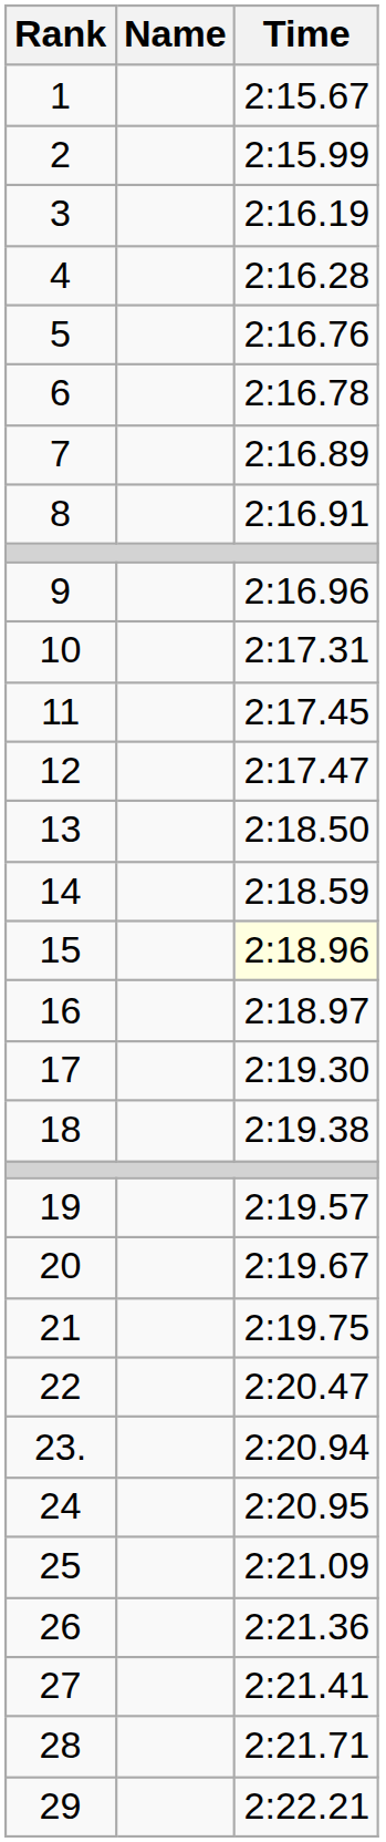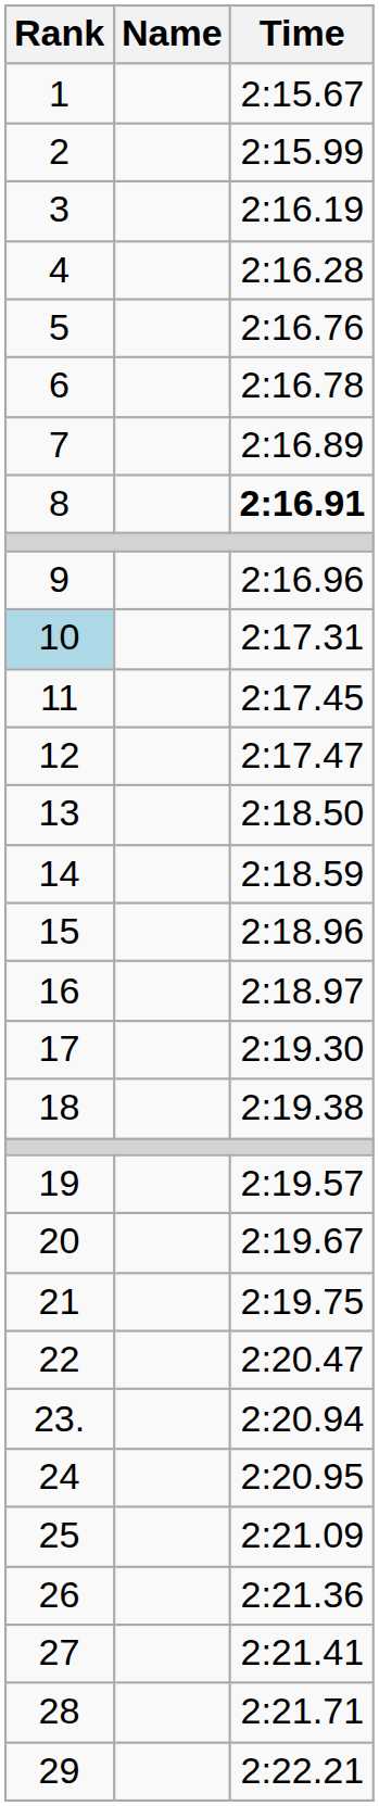 <table class="wikitable">
 <tr>
 <th>Rank</th>
 <th>Name</th>
 <th>Time</th>
 </tr>
 <tr>
 <td align="center">1</td>
 <td></td>
 <td align="center">2:15.67</td>
 </tr>
 <tr>
 <td align="center">2</td>
 <td></td>
 <td align="center">2:15.99</td>
 </tr>
 <tr>
 <td align="center">3</td>
 <td></td>
 <td align="center">2:16.19</td>
 </tr>
 <tr>
 <td align="center">4</td>
 <td></td>
 <td align="center">2:16.28</td>
 </tr>
 <tr>
 <td align="center">5</td>
 <td></td>
 <td align="center">2:16.76</td>
 </tr>
 <tr>
 <td align="center">6</td>
 <td></td>
 <td align="center">2:16.78</td>
 </tr>
 <tr>
 <td align="center">7</td>
 <td></td>
 <td align="center">2:16.89</td>
 </tr>
 <tr>
 <td align="center">8</td>
 <td></td>
-<td align="center">2:16.91</td>
+<td align="center"><strong>2:16.91</strong></td>
 </tr>
 <tr>
 <td colspan=3 bgcolor=lightgray></td>
 </tr>
 <tr>
 <td align="center">9</td>
 <td></td>
 <td align="center">2:16.96</td>
 </tr>
 <tr>
-<td align="center">10</td>
+<td align="center" style="background: lightblue;">10</td>
 <td></td>
 <td align="center">2:17.31</td>
 </tr>
 <tr>
 <td align="center">11</td>
 <td></td>
 <td align="center">2:17.45</td>
 </tr>
 <tr>
 <td align="center">12</td>
 <td></td>
 <td align="center">2:17.47</td>
 </tr>
 <tr>
 <td align="center">13</td>
 <td></td>
 <td align="center">2:18.50</td>
 </tr>
 <tr>
 <td align="center">14</td>
 <td></td>
 <td align="center">2:18.59</td>
 </tr>
 <tr>
 <td align="center">15</td>
 <td></td>
-<td align="center" style="background: lightyellow;">2:18.96</td>
+<td align="center">2:18.96</td>
 </tr>
 <tr>
 <td align="center">16</td>
 <td></td>
 <td align="center">2:18.97</td>
 </tr>
 <tr>
 <td align="center">17</td>
 <td></td>
 <td align="center">2:19.30</td>
 </tr>
 <tr>
 <td align="center">18</td>
 <td></td>
 <td align="center">2:19.38</td>
 </tr>
 <tr>
 <td colspan=3 bgcolor=lightgray></td>
 </tr>
 <tr>
 <td align="center">19</td>
 <td></td>
 <td align="center">2:19.57</td>
 </tr>
 <tr>
 <td align="center">20</td>
 <td></td>
 <td align="center">2:19.67</td>
 </tr>
 <tr>
 <td align="center">21</td>
 <td></td>
 <td align="center">2:19.75</td>
 </tr>
 <tr>
 <td align="center">22</td>
 <td></td>
 <td align="center">2:20.47</td>
 </tr>
 <tr>
 <td align="center">23.</td>
 <td></td>
 <td align="center">2:20.94</td>
 </tr>
 <tr>
 <td align="center">24</td>
 <td></td>
 <td align="center">2:20.95</td>
 </tr>
 <tr>
 <td align="center">25</td>
 <td></td>
 <td align="center">2:21.09</td>
 </tr>
 <tr>
 <td align="center">26</td>
 <td></td>
 <td align="center">2:21.36</td>
 </tr>
 <tr>
 <td align="center">27</td>
 <td></td>
 <td align="center">2:21.41</td>
 </tr>
 <tr>
 <td align="center">28</td>
 <td></td>
 <td align="center">2:21.71</td>
 </tr>
 <tr>
 <td align="center">29</td>
 <td></td>
 <td align="center">2:22.21</td>
 </tr>
 </table>
